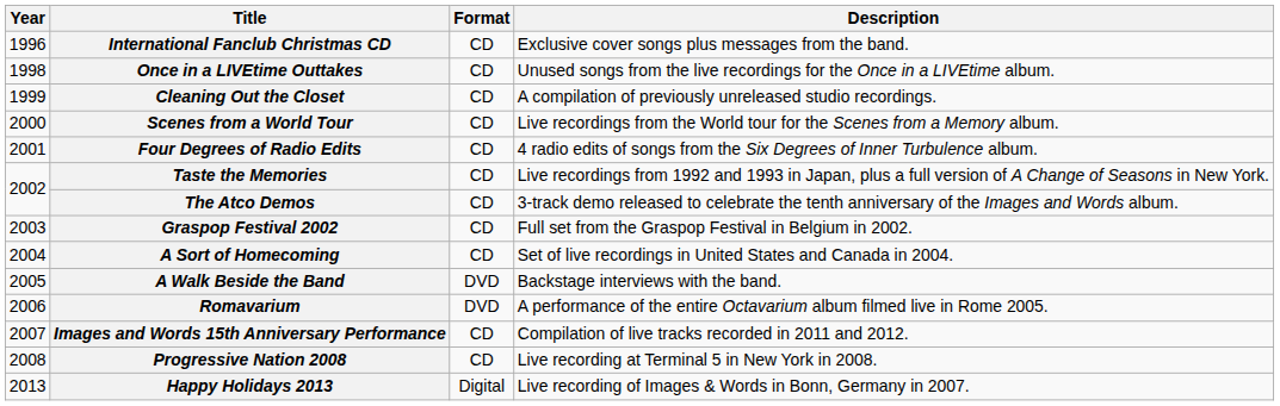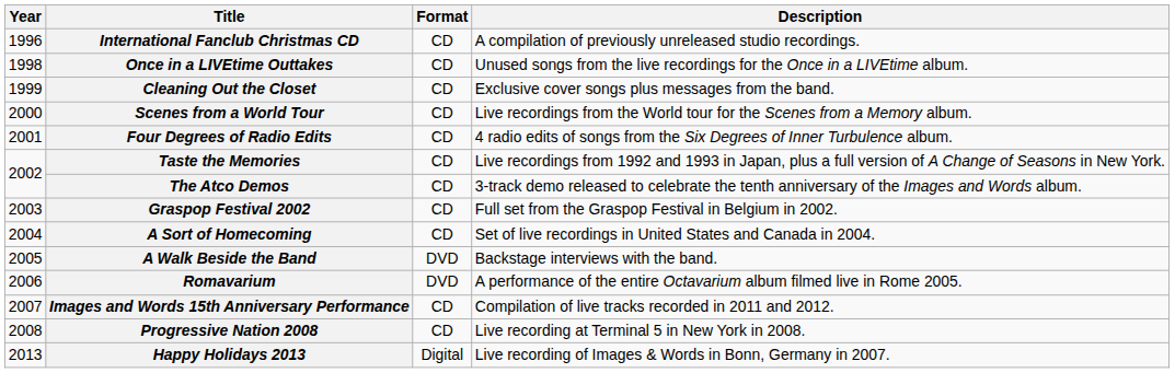 <table class="wikitable sortable plainrowheaders">
 <tr>
 <th scope="col">Year</th>
 <th scope="col">Title</th>
 <th scope="col">Format</th>
 <th scope="col">Description</th>
 </tr>
 <tr>
 <td>1996</td>
 <th scope="row"><em>International Fanclub Christmas CD</em></th>
 <td align="center">CD</td>
-<td>Exclusive cover songs plus messages from the band.</td>
+<td>A compilation of previously unreleased studio recordings.</td>
 </tr>
 <tr>
 <td>1998</td>
 <th scope="row"><em>Once in a LIVEtime Outtakes</em></th>
 <td align="center">CD</td>
 <td>Unused songs from the live recordings for the <em>Once in a LIVEtime</em> album.</td>
 </tr>
 <tr>
 <td>1999</td>
 <th scope="row"><em>Cleaning Out the Closet</em></th>
 <td align="center">CD</td>
-<td>A compilation of previously unreleased studio recordings.</td>
+<td>Exclusive cover songs plus messages from the band.</td>
 </tr>
 <tr>
 <td>2000</td>
 <th scope="row"><em>Scenes from a World Tour</em></th>
 <td align="center">CD</td>
 <td>Live recordings from the World tour for the <em>Scenes from a Memory</em> album.</td>
 </tr>
 <tr>
 <td>2001</td>
 <th scope="row"><em>Four Degrees of Radio Edits</em></th>
 <td align="center">CD</td>
 <td>4 radio edits of songs from the <em>Six Degrees of Inner Turbulence</em> album.</td>
 </tr>
 <tr>
 <td rowspan="2">2002</td>
 <th scope="row"><em>Taste the Memories</em></th>
 <td align="center">CD</td>
 <td>Live recordings from 1992 and 1993 in Japan, plus a full version of <em>A Change of Seasons</em> in New York.</td>
 </tr>
 <tr>
 <th scope="row"><em>The Atco Demos</em></th>
 <td align="center">CD</td>
 <td>3-track demo released to celebrate the tenth anniversary of the <em>Images and Words</em> album.</td>
 </tr>
 <tr>
 <td>2003</td>
 <th scope="row"><em>Graspop Festival 2002</em></th>
 <td align="center">CD</td>
 <td>Full set from the Graspop Festival in Belgium in 2002.</td>
 </tr>
 <tr>
 <td>2004</td>
 <th scope="row"><em>A Sort of Homecoming</em></th>
 <td align="center">CD</td>
 <td>Set of live recordings in United States and Canada in 2004.</td>
 </tr>
 <tr>
 <td>2005</td>
 <th scope="row"><em>A Walk Beside the Band</em></th>
 <td align="center">DVD</td>
 <td>Backstage interviews with the band.</td>
 </tr>
 <tr>
 <td>2006</td>
 <th scope="row"><em>Romavarium</em></th>
 <td align="center">DVD</td>
 <td>A performance of the entire <em>Octavarium</em> album filmed live in Rome 2005.</td>
 </tr>
 <tr>
 <td>2007</td>
 <th scope="row"><em>Images and Words 15th Anniversary Performance</em></th>
 <td align="center">CD</td>
 <td>Compilation of live tracks recorded in 2011 and 2012.</td>
 </tr>
 <tr>
 <td>2008</td>
 <th scope="row"><em>Progressive Nation 2008</em></th>
 <td align="center">CD</td>
 <td>Live recording at Terminal 5 in New York in 2008.</td>
 </tr>
 <tr>
 <td>2013</td>
 <th scope="row"><em>Happy Holidays 2013</em></th>
 <td align="center">Digital</td>
 <td>Live recording of Images & Words in Bonn, Germany in 2007.</td>
 </tr>
 </table>
